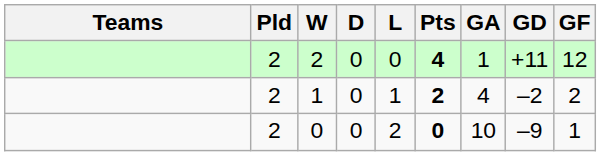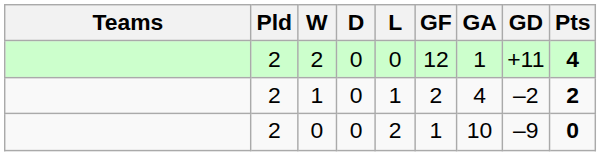 <table class="wikitable" style="text-align: center;">
 <tr>
 <th width=165>Teams</th>
 <th width=20>Pld</th>
 <th width=20>W</th>
 <th width=20>D</th>
 <th width=20>L</th>
-<th width=20>Pts</th>
+<th width=20>GF</th>
 <th width=20>GA</th>
 <th width=20>GD</th>
-<th width=20>GF</th>
+<th width=20>Pts</th>
 </tr>
 <tr align=center style="background:#ccffcc;">
 <td style="text-align:left;"></td>
 <td>2</td>
 <td>2</td>
 <td>0</td>
 <td>0</td>
-<td><strong>4</strong></td>
+<td>12</td>
 <td>1</td>
 <td>+11</td>
-<td>12</td>
+<td><strong>4</strong></td>
 </tr>
 <tr align=center>
 <td style="text-align:left;"></td>
 <td>2</td>
 <td>1</td>
 <td>0</td>
 <td>1</td>
-<td><strong>2</strong></td>
+<td>2</td>
 <td>4</td>
 <td>–2</td>
-<td>2</td>
+<td><strong>2</strong></td>
 </tr>
 <tr align=center>
 <td style="text-align:left;"></td>
 <td>2</td>
 <td>0</td>
 <td>0</td>
 <td>2</td>
-<td><strong>0</strong></td>
+<td>1</td>
 <td>10</td>
 <td>–9</td>
-<td>1</td>
+<td><strong>0</strong></td>
 </tr>
 </table>
